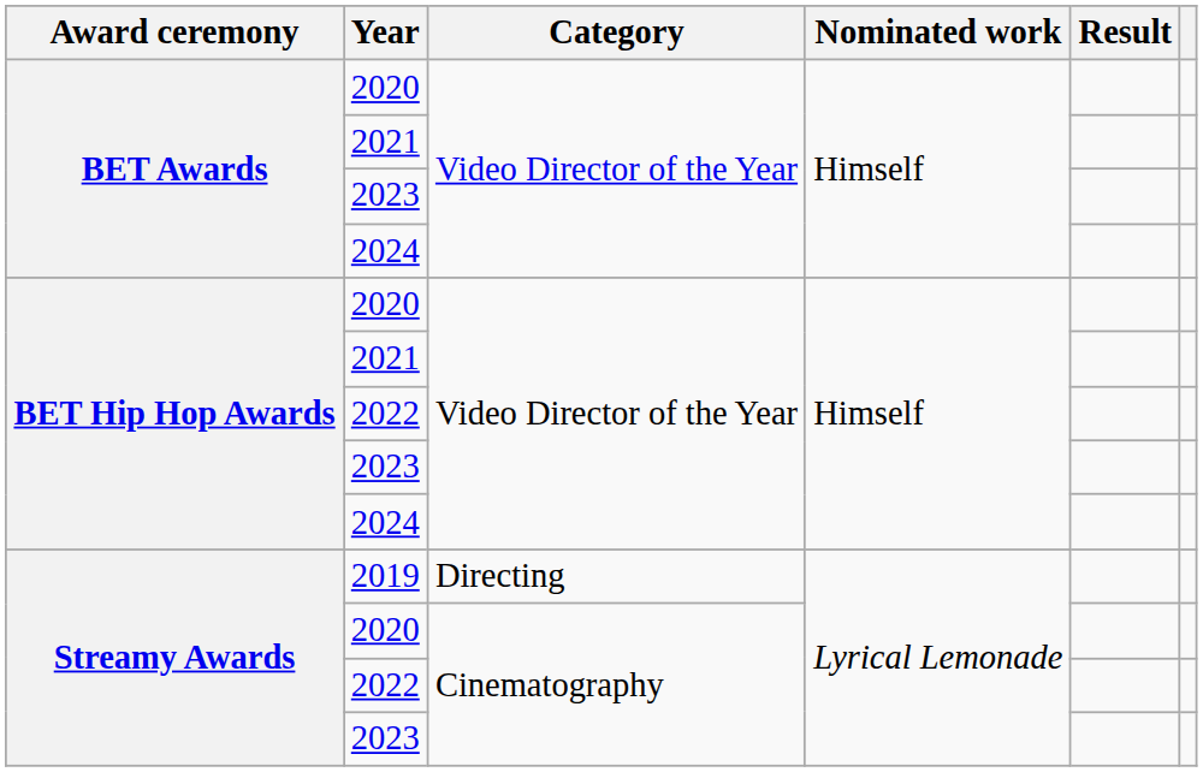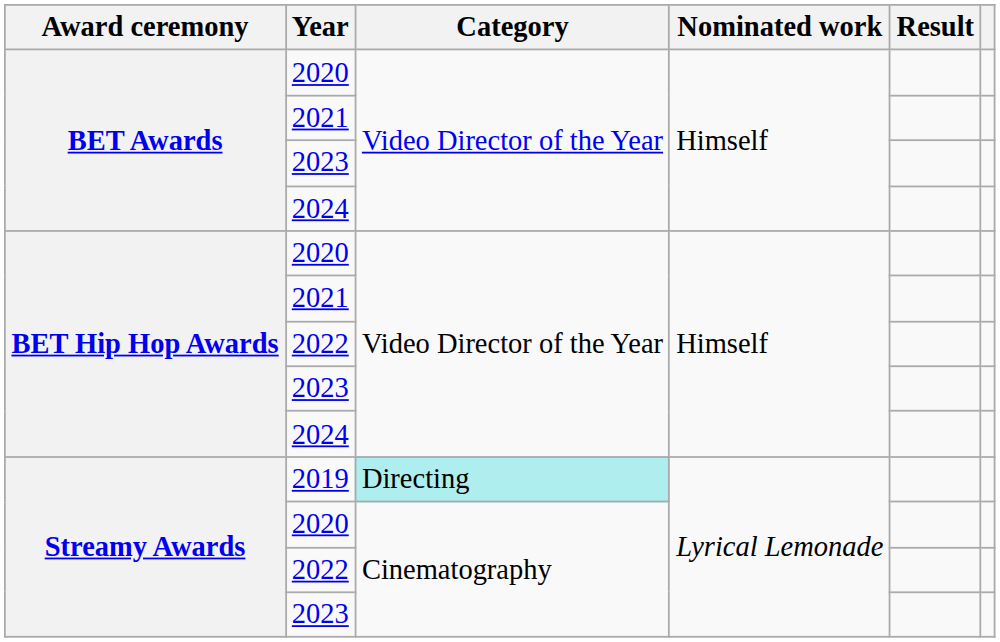 <table class="wikitable plainrowheaders">
 <tr>
 <th>Award ceremony</th>
 <th>Year</th>
 <th>Category</th>
 <th>Nominated work</th>
 <th>Result</th>
 <th></th>
 </tr>
 <tr>
 <th rowspan="4" scope="row"><a href='#'>BET Awards</a></th>
 <td><a href='#'>2020</a></td>
 <td rowspan="4"><a href='#'>Video Director of the Year</a></td>
 <td rowspan="4">Himself</td>
 <td></td>
 <td></td>
 </tr>
 <tr>
 <td><a href='#'>2021</a></td>
 <td></td>
 <td></td>
 </tr>
 <tr>
 <td><a href='#'>2023</a></td>
 <td></td>
 <td></td>
 </tr>
 <tr>
 <td><a href='#'>2024</a></td>
 <td></td>
 <td></td>
 </tr>
 <tr>
 <th rowspan="5" scope="row"><a href='#'>BET Hip Hop Awards</a></th>
 <td><a href='#'>2020</a></td>
 <td rowspan="5">Video Director of the Year</td>
 <td rowspan="5">Himself</td>
 <td></td>
 <td></td>
 </tr>
 <tr>
 <td><a href='#'>2021</a></td>
 <td></td>
 <td></td>
 </tr>
 <tr>
 <td><a href='#'>2022</a></td>
 <td></td>
 <td></td>
 </tr>
 <tr>
 <td><a href='#'>2023</a></td>
 <td></td>
 <td></td>
 </tr>
 <tr>
 <td><a href='#'>2024</a></td>
 <td></td>
 <td></td>
 </tr>
 <tr>
 <th rowspan="4" scope="row"><a href='#'>Streamy Awards</a></th>
 <td><a href='#'>2019</a></td>
-<td>Directing</td>
+<td style="background: paleturquoise;">Directing</td>
 <td rowspan="4"><em>Lyrical Lemonade</em></td>
 <td></td>
 <td></td>
 </tr>
 <tr>
 <td><a href='#'>2020</a></td>
 <td rowspan="3">Cinematography</td>
 <td></td>
 <td></td>
 </tr>
 <tr>
 <td><a href='#'>2022</a></td>
 <td></td>
 <td></td>
 </tr>
 <tr>
 <td><a href='#'>2023</a></td>
 <td></td>
 <td></td>
 </tr>
 </table>
